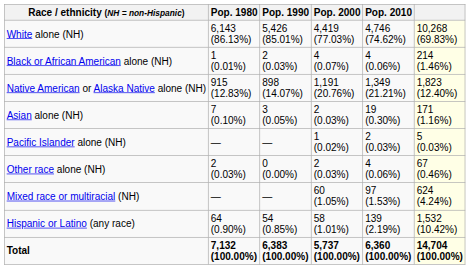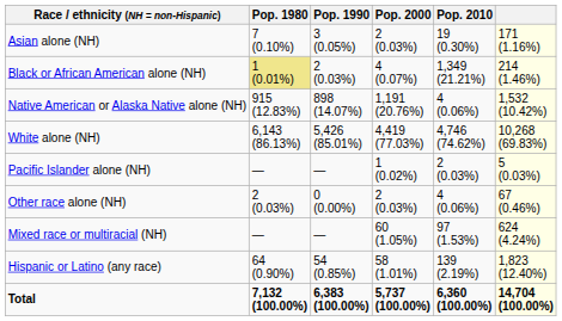 <table class="wikitable sortable collapsible" style="font-size: 95%;">
 <tr>
 <th>Race / ethnicity <small>(<em>NH = non-Hispanic</em>)</small></th>
 <th>Pop. 1980</th>
 <th>Pop. 1990</th>
 <th>Pop. 2000</th>
 <th>Pop. 2010</th>
 <th></th>
 </tr>
 <tr>
-<td><a href='#'>White</a> alone (NH)</td>
-<td>6,143<br>(86.13%)</td>
-<td>5,426<br>(85.01%)</td>
-<td>4,419<br>(77.03%)</td>
-<td>4,746<br>(74.62%)</td>
-<td style='background: #ffffe6;'>10,268<br>(69.83%)</td>
+<td><a href='#'>Asian</a> alone (NH)</td>
+<td>7<br>(0.10%)</td>
+<td>3<br>(0.05%)</td>
+<td>2<br>(0.03%)</td>
+<td>19<br>(0.30%)</td>
+<td style='background: #ffffe6;'>171<br>(1.16%)</td>
 </tr>
 <tr>
 <td><a href='#'>Black or African American</a> alone (NH)</td>
-<td>1<br>(0.01%)</td>
+<td style="background: khaki;">1<br>(0.01%)</td>
 <td>2<br>(0.03%)</td>
 <td>4<br>(0.07%)</td>
-<td>4<br>(0.06%)</td>
+<td>1,349<br>(21.21%)</td>
 <td style='background: #ffffe6;'>214<br>(1.46%)</td>
 </tr>
 <tr>
 <td><a href='#'>Native American</a> or <a href='#'>Alaska Native</a> alone (NH)</td>
 <td>915<br>(12.83%)</td>
 <td>898<br>(14.07%)</td>
 <td>1,191<br>(20.76%)</td>
-<td>1,349<br>(21.21%)</td>
-<td style='background: #ffffe6;'>1,823<br>(12.40%)</td>
+<td>4<br>(0.06%)</td>
+<td style='background: #ffffe6;'>1,532<br>(10.42%)</td>
 </tr>
 <tr>
-<td><a href='#'>Asian</a> alone (NH)</td>
-<td>7<br>(0.10%)</td>
-<td>3<br>(0.05%)</td>
-<td>2<br>(0.03%)</td>
-<td>19<br>(0.30%)</td>
-<td style='background: #ffffe6;'>171<br>(1.16%)</td>
+<td><a href='#'>White</a> alone (NH)</td>
+<td>6,143<br>(86.13%)</td>
+<td>5,426<br>(85.01%)</td>
+<td>4,419<br>(77.03%)</td>
+<td>4,746<br>(74.62%)</td>
+<td style='background: #ffffe6;'>10,268<br>(69.83%)</td>
 </tr>
 <tr>
 <td><a href='#'>Pacific Islander</a> alone (NH)</td>
 <td>—</td>
 <td>—</td>
 <td>1<br>(0.02%)</td>
 <td>2<br>(0.03%)</td>
 <td style='background: #ffffe6;'>5<br>(0.03%)</td>
 </tr>
 <tr>
 <td><a href='#'>Other race</a> alone (NH)</td>
 <td>2<br>(0.03%)</td>
 <td>0<br>(0.00%)</td>
 <td>2<br>(0.03%)</td>
 <td>4<br>(0.06%)</td>
 <td style='background: #ffffe6;'>67<br>(0.46%)</td>
 </tr>
 <tr>
 <td><a href='#'>Mixed race or multiracial</a> (NH)</td>
 <td>—</td>
 <td>—</td>
 <td>60<br>(1.05%)</td>
 <td>97<br>(1.53%)</td>
 <td style='background: #ffffe6;'>624<br>(4.24%)</td>
 </tr>
 <tr>
 <td><a href='#'>Hispanic or Latino</a> (any race)</td>
 <td>64<br>(0.90%)</td>
 <td>54<br>(0.85%)</td>
 <td>58<br>(1.01%)</td>
 <td>139<br>(2.19%)</td>
-<td style='background: #ffffe6;'>1,532<br>(10.42%)</td>
+<td style='background: #ffffe6;'>1,823<br>(12.40%)</td>
 </tr>
 <tr>
 <td><strong>Total</strong></td>
 <td><strong>7,132<br>(100.00%)</strong></td>
 <td><strong>6,383<br>(100.00%)</strong></td>
 <td><strong>5,737<br>(100.00%)</strong></td>
 <td><strong>6,360<br>(100.00%)</strong></td>
 <td style='background: #ffffe6;'><strong>14,704<br>(100.00%)</strong></td>
 </tr>
 </table>
